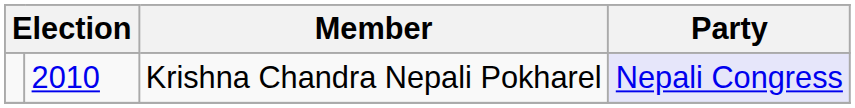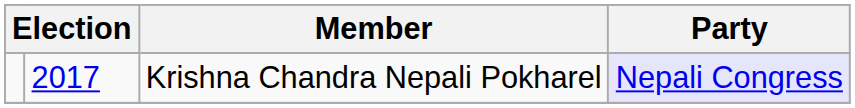 <table class="wikitable">
 <tr>
 <th colspan="2">Election</th>
 <th>Member</th>
 <th>Party</th>
 </tr>
 <tr>
 <td style="background-color:"></td>
-<td><a href='#'>2010</a></td>
+<td><a href='#'>2017</a></td>
 <td>Krishna Chandra Nepali Pokharel</td>
 <td style="background: lavender;"><a href='#'>Nepali Congress</a></td>
 </tr>
 <tr>
 </tr>
 </table>
